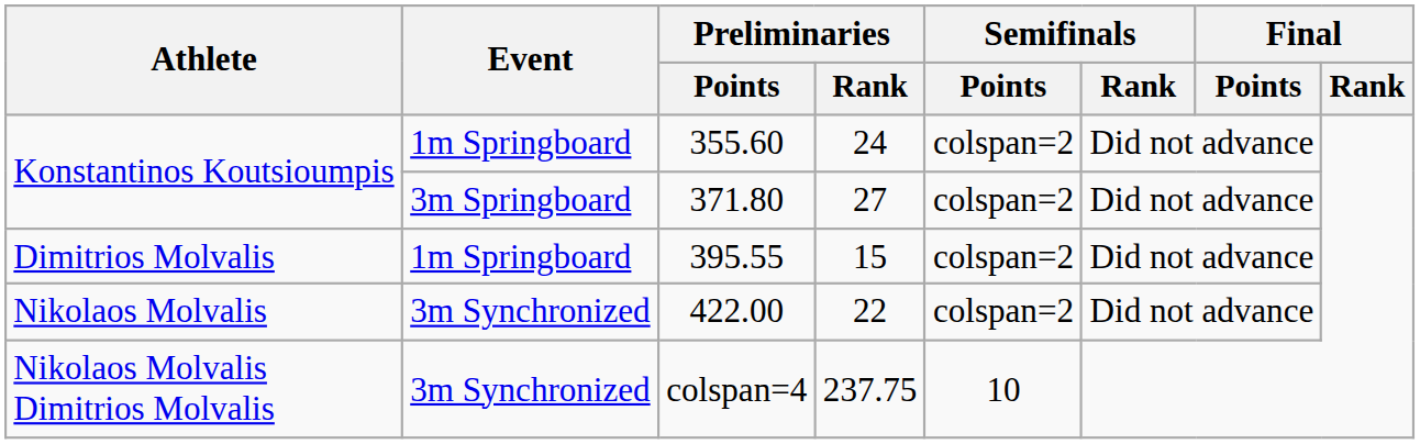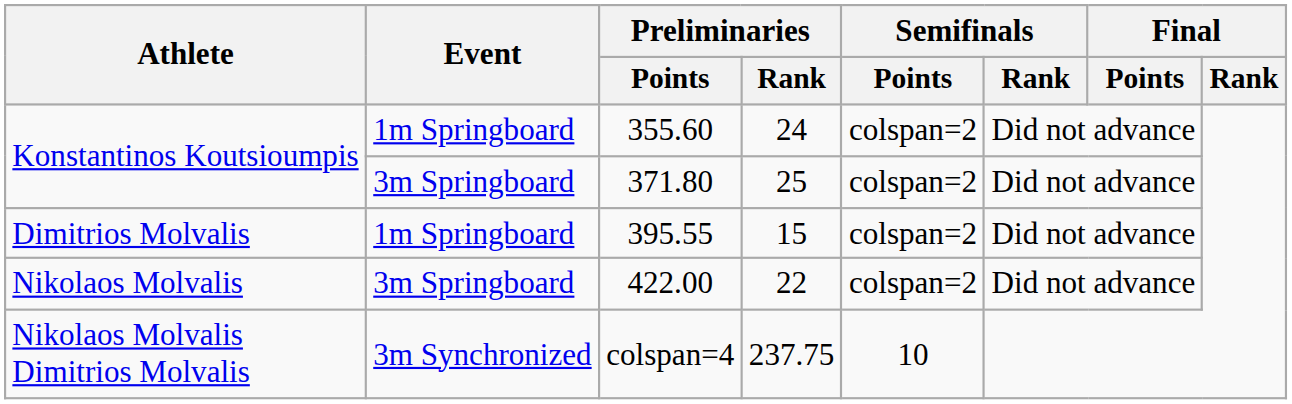 <table class=wikitable style="font-size:90%">
 <tr>
 <th rowspan="2">Athlete</th>
 <th rowspan="2">Event</th>
 <th colspan="2">Preliminaries</th>
 <th colspan="2">Semifinals</th>
 <th colspan="2">Final</th>
 </tr>
 <tr style="font-size:95%">
 <th>Points</th>
 <th>Rank</th>
 <th>Points</th>
 <th>Rank</th>
 <th>Points</th>
 <th>Rank</th>
 </tr>
 <tr align=center>
 <td align=left rowspan=2><a href='#'>Konstantinos Koutsioumpis</a></td>
 <td align=left><a href='#'>1m Springboard</a></td>
 <td>355.60</td>
 <td>24</td>
 <td>colspan=2 </td>
 <td colspan=2>Did not advance</td>
 </tr>
 <tr align=center>
 <td align=left><a href='#'>3m Springboard</a></td>
 <td>371.80</td>
-<td>27</td>
+<td>25</td>
 <td>colspan=2 </td>
 <td colspan=2>Did not advance</td>
 </tr>
 <tr align=center>
 <td align=left><a href='#'>Dimitrios Molvalis</a></td>
 <td align=left><a href='#'>1m Springboard</a></td>
 <td>395.55</td>
 <td>15</td>
 <td>colspan=2 </td>
 <td colspan=2>Did not advance</td>
 </tr>
 <tr align=center>
 <td align=left><a href='#'>Nikolaos Molvalis</a></td>
-<td align=left><a href='#'>3m Synchronized</a></td>
+<td align=left><a href='#'>3m Springboard</a></td>
 <td>422.00</td>
 <td>22</td>
 <td>colspan=2 </td>
 <td colspan=2>Did not advance</td>
 </tr>
 <tr align=center>
 <td align=left><a href='#'>Nikolaos Molvalis</a><br><a href='#'>Dimitrios Molvalis</a></td>
 <td align=left><a href='#'>3m Synchronized</a></td>
 <td>colspan=4 </td>
 <td>237.75</td>
 <td>10</td>
 </tr>
 </table>
